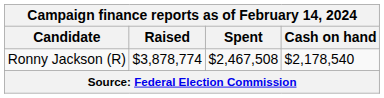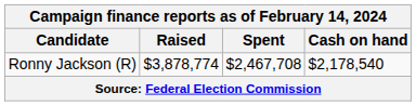 <table class="wikitable sortable">
 <tr>
 <th colspan=4>Campaign finance reports as of February 14, 2024</th>
 </tr>
 <tr style="text-align:center;">
 <th>Candidate</th>
 <th>Raised</th>
 <th>Spent</th>
 <th>Cash on hand</th>
 </tr>
 <tr>
 <td style="background-color:">Ronny Jackson (R)</td>
 <td>$3,878,774</td>
-<td>$2,467,508</td>
+<td>$2,467,708</td>
 <td>$2,178,540</td>
 </tr>
 <tr>
 <th colspan="4"><small>Source: <a href='#'>Federal Election Commission</a></small></th>
 </tr>
 </table>
